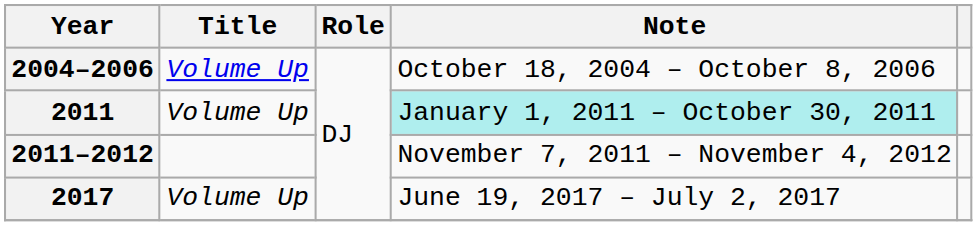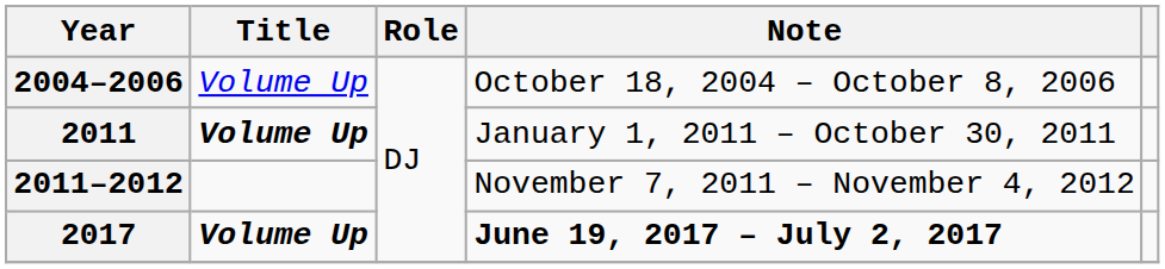 <table class="wikitable plainrowheaders sortable nowrap">
 <tr>
 <th scope="col">Year</th>
 <th scope="col">Title</th>
 <th scope="col">Role</th>
 <th scope="col">Note</th>
 <th scope="col" class="unsortable"></th>
 </tr>
 <tr>
 <th scope="row">2004–2006</th>
 <td><em><a href='#'>Volume Up</a> </em></td>
 <td rowspan=4>DJ</td>
 <td>October 18, 2004 – October 8, 2006</td>
 <td></td>
 </tr>
 <tr>
 <th scope="row">2011</th>
-<td><em>Volume Up</em></td>
-<td style="background: paleturquoise;">January 1, 2011 – October 30, 2011</td>
+<td><strong><em>Volume Up</em></strong></td>
+<td>January 1, 2011 – October 30, 2011</td>
 <td></td>
 </tr>
 <tr>
 <th scope="row">2011–2012</th>
 <td><em></em></td>
 <td>November 7, 2011 – November 4, 2012</td>
 <td></td>
 </tr>
 <tr>
 <th scope="row">2017</th>
-<td><em>Volume Up</em></td>
-<td>June 19, 2017 – July 2, 2017</td>
+<td><strong><em>Volume Up</em></strong></td>
+<td><strong>June 19, 2017 – July 2, 2017</strong></td>
 <td></td>
 </tr>
 <tr>
 </tr>
 </table>
